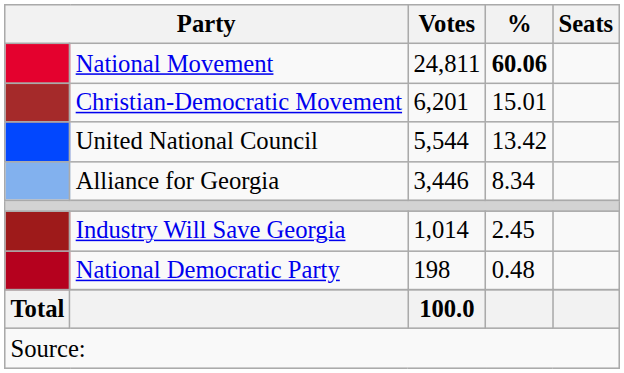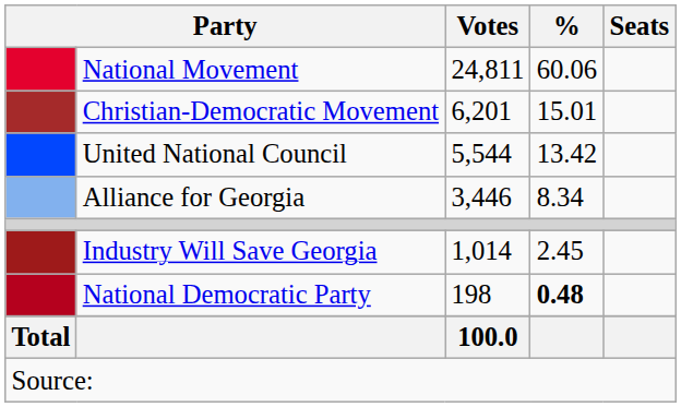 <table class="wikitable">
 <tr>
 <th colspan="2">Party</th>
 <th scope="col">Votes</th>
 <th scope="col">%</th>
 <th scope="col">Seats</th>
 </tr>
 <tr>
 <td style="background:#e4012e"></td>
 <td align=left><a href='#'>National Movement</a></td>
 <td>24,811</td>
-<td><strong>60.06</strong></td>
+<td>60.06</td>
 <td align=right></td>
 </tr>
 <tr>
 <td style="background:#A52A2A"></td>
 <td align=left><a href='#'>Christian-Democratic Movement</a></td>
 <td>6,201</td>
 <td>15.01</td>
 <td align=right></td>
 </tr>
 <tr>
 <td style="background:#0247FE"></td>
 <td align=left>United National Council </td>
 <td>5,544</td>
 <td>13.42</td>
 <td align=right></td>
 </tr>
 <tr>
 <td style="background:#82B1EE"></td>
 <td align=left>Alliance for Georgia </td>
 <td>3,446</td>
 <td>8.34</td>
 <td align=right></td>
 </tr>
 <tr>
 <td colspan=5 bgcolor=lightgrey></td>
 </tr>
 <tr>
 <td style="background:#9E1A1A"></td>
 <td align=left><a href='#'>Industry Will Save Georgia</a></td>
 <td>1,014</td>
 <td>2.45</td>
 <td align=right></td>
 </tr>
 <tr>
 <td style="background:#b5011e"></td>
 <td align=left><a href='#'>National Democratic Party</a></td>
 <td>198</td>
-<td>0.48</td>
+<td><strong>0.48</strong></td>
 <td align=right></td>
 </tr>
 <tr>
 </tr>
 <tr>
 <th colspan=1>Total</th>
 <th></th>
 <th>100.0</th>
 <th></th>
 <th></th>
 </tr>
 <tr>
 <td colspan=5>Source: </td>
 </tr>
 </table>
